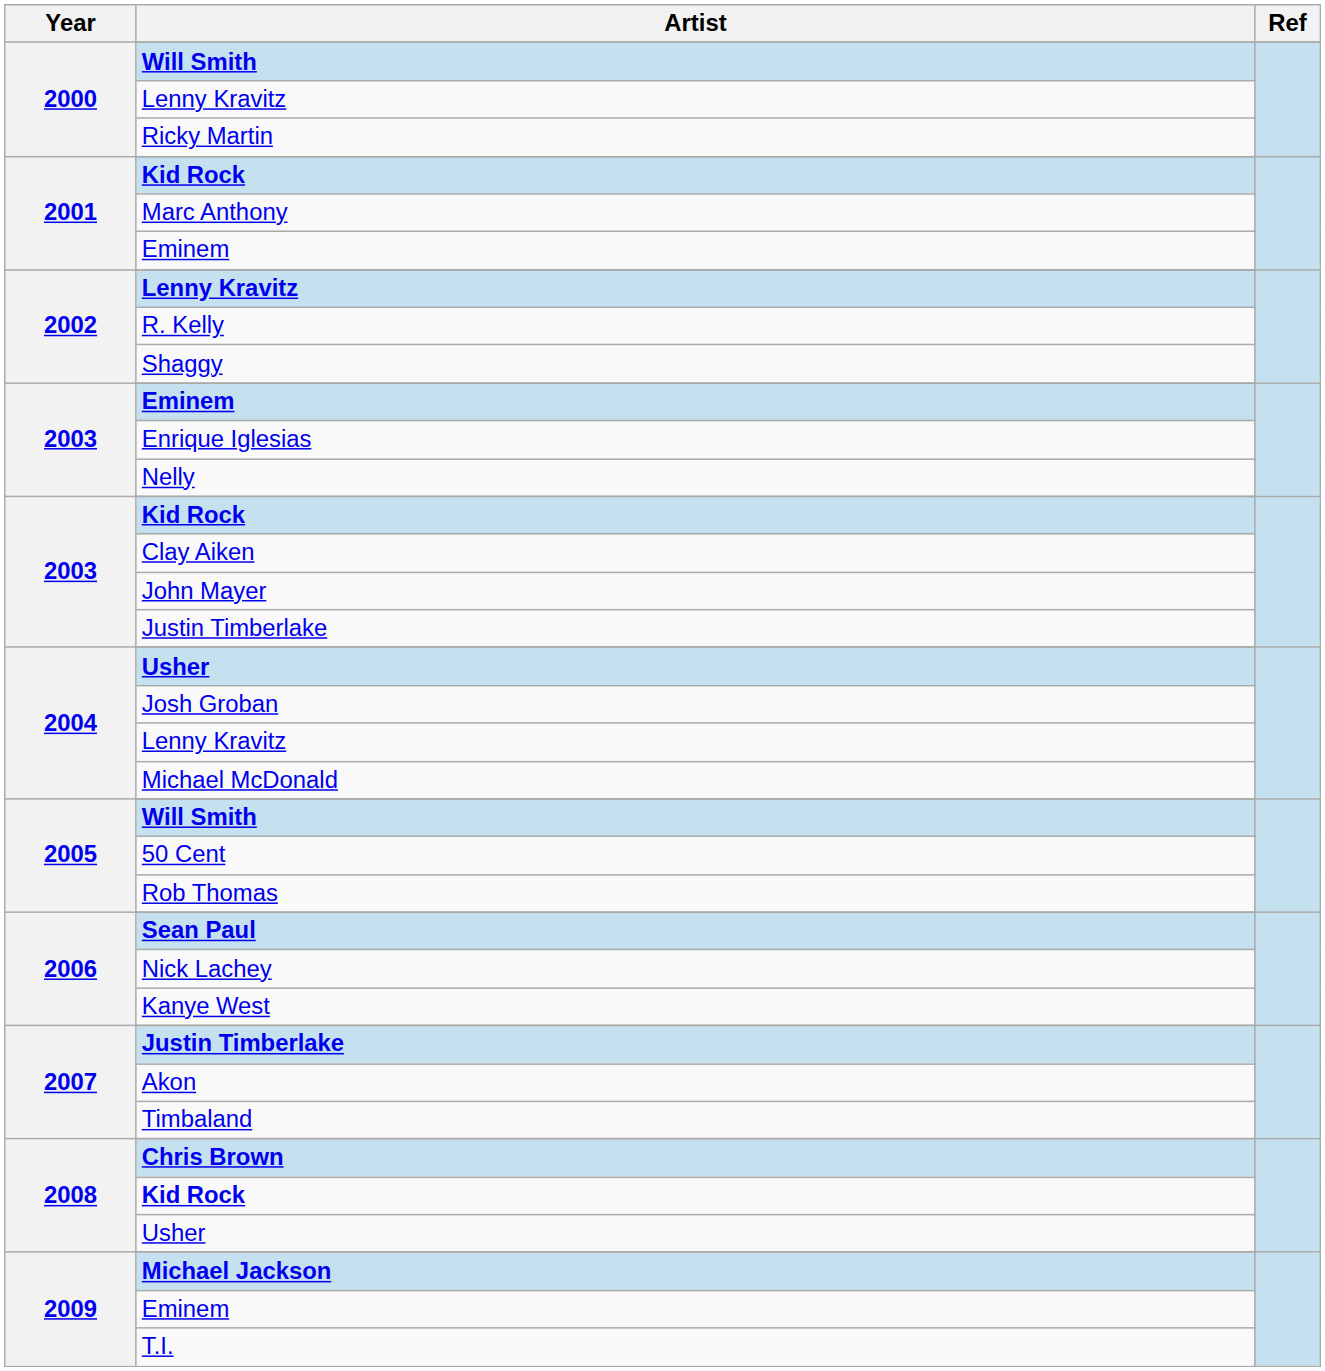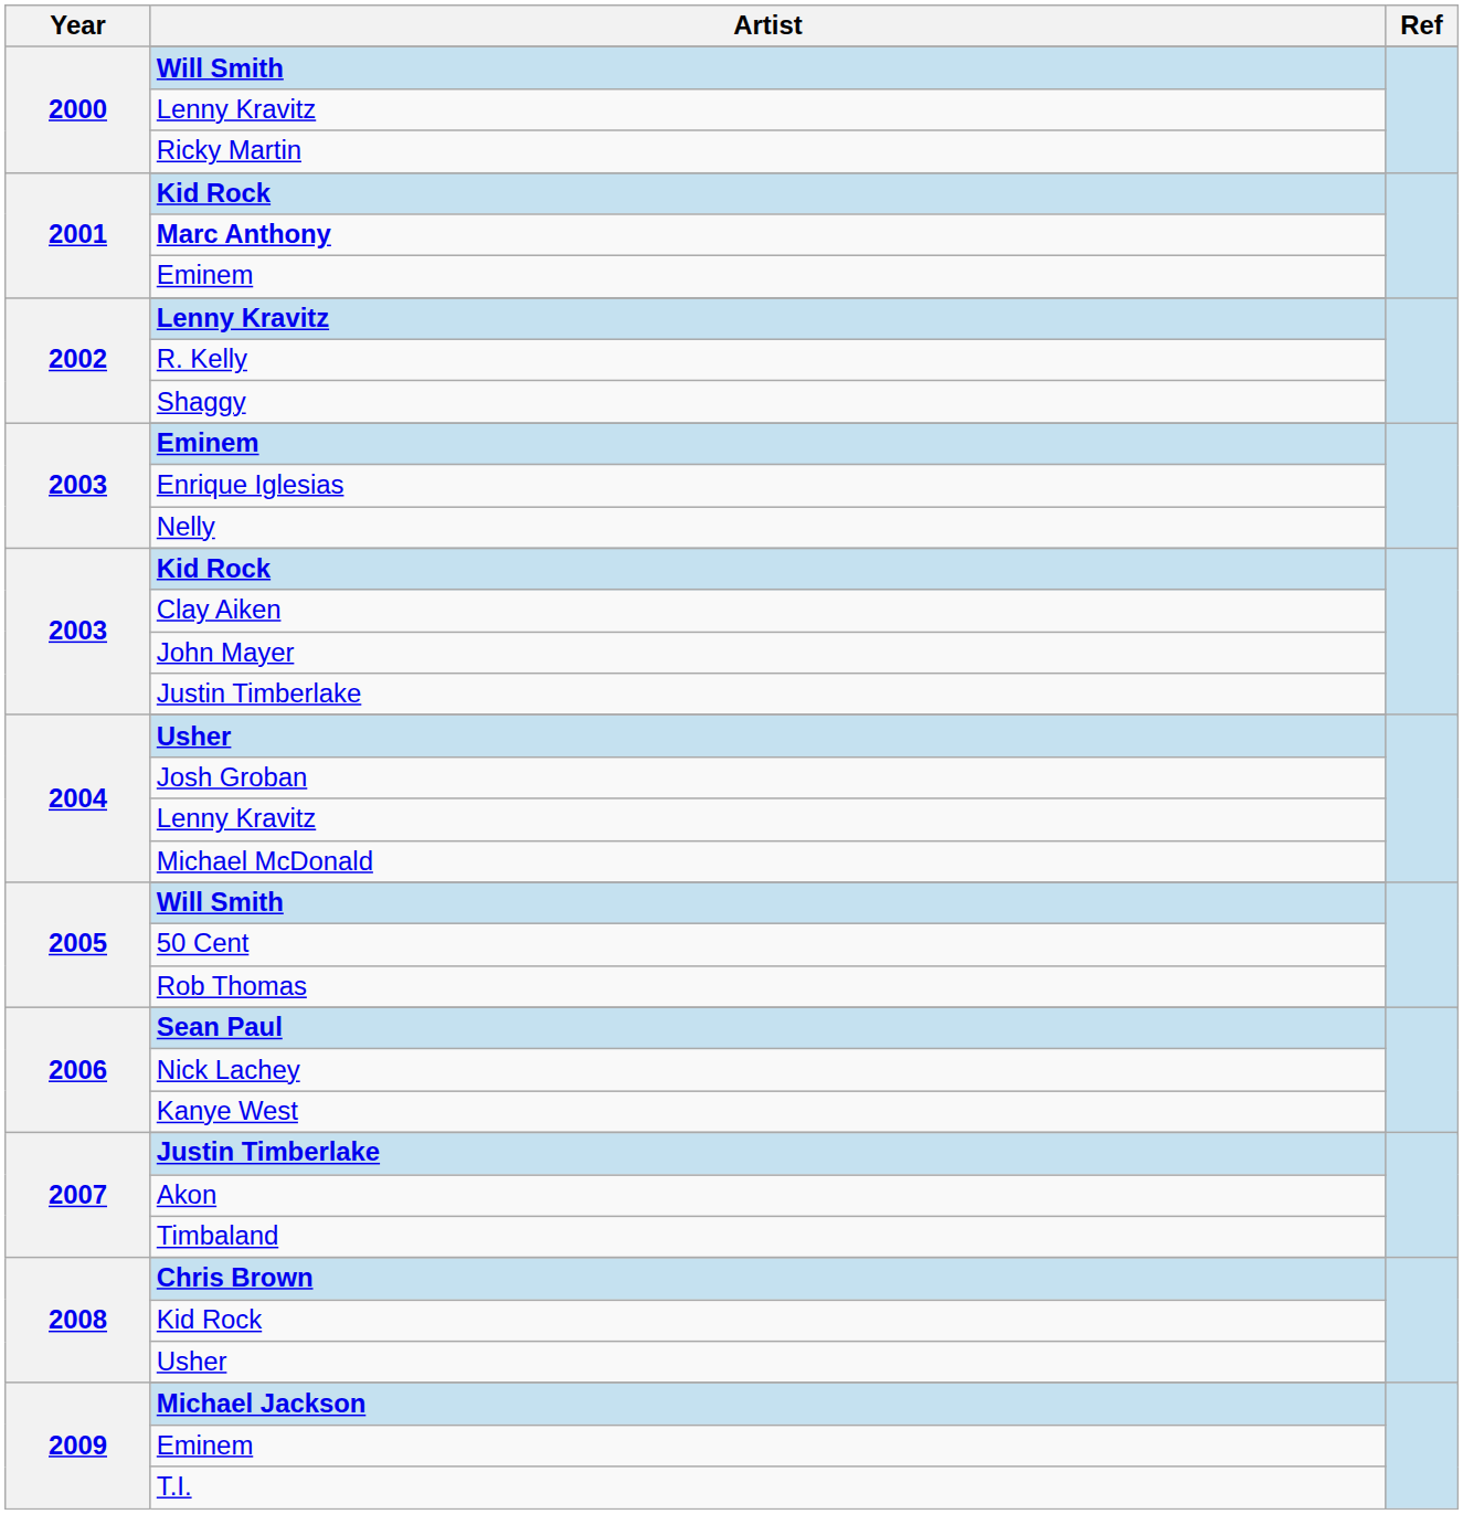 <table class="wikitable" width="100%">
 <tr>
 <th width="10%">Year</th>
 <th width="85%">Artist</th>
 <th width="5%">Ref</th>
 </tr>
 <tr>
 <th rowspan="4" align="center"><a href='#'>2000<br></a></th>
 </tr>
 <tr style="background:#c5e1f0">
 <td><strong><a href='#'>Will Smith</a></strong></td>
 <td rowspan="4" align="center"></td>
 </tr>
 <tr>
 <td><a href='#'>Lenny Kravitz</a></td>
 </tr>
 <tr>
 <td><a href='#'>Ricky Martin</a></td>
 </tr>
 <tr>
 <th rowspan="4" align="center"><a href='#'>2001<br></a></th>
 </tr>
 <tr style="background:#c5e1f0">
 <td><strong><a href='#'>Kid Rock</a></strong></td>
 <td rowspan="4" align="center"></td>
 </tr>
 <tr>
-<td><a href='#'>Marc Anthony</a></td>
+<td><strong><a href='#'>Marc Anthony</a></strong></td>
 </tr>
 <tr>
 <td><a href='#'>Eminem</a></td>
 </tr>
 <tr>
 <th rowspan="4" align="center"><a href='#'>2002<br></a></th>
 </tr>
 <tr style="background:#c5e1f0">
 <td><strong><a href='#'>Lenny Kravitz</a></strong></td>
 <td rowspan="4" align="center"></td>
 </tr>
 <tr>
 <td><a href='#'>R. Kelly</a></td>
 </tr>
 <tr>
 <td><a href='#'>Shaggy</a></td>
 </tr>
 <tr>
 <th rowspan="4" align="center"><a href='#'>2003<br></a></th>
 </tr>
 <tr style="background:#c5e1f0">
 <td><strong><a href='#'>Eminem</a></strong></td>
 <td rowspan="4" align="center"></td>
 </tr>
 <tr>
 <td><a href='#'>Enrique Iglesias</a></td>
 </tr>
 <tr>
 <td><a href='#'>Nelly</a></td>
 </tr>
 <tr>
 <th rowspan="5" align="center"><a href='#'>2003<br></a></th>
 </tr>
 <tr style="background:#c5e1f0">
 <td><strong><a href='#'>Kid Rock</a></strong></td>
 <td rowspan="5" align="center"></td>
 </tr>
 <tr>
 <td><a href='#'>Clay Aiken</a></td>
 </tr>
 <tr>
 <td><a href='#'>John Mayer</a></td>
 </tr>
 <tr>
 <td><a href='#'>Justin Timberlake</a></td>
 </tr>
 <tr>
 <th rowspan="5" align="center"><a href='#'>2004<br></a></th>
 </tr>
 <tr style="background:#c5e1f0">
 <td><strong><a href='#'>Usher</a></strong></td>
 <td rowspan="5" align="center"></td>
 </tr>
 <tr>
 <td><a href='#'>Josh Groban</a></td>
 </tr>
 <tr>
 <td><a href='#'>Lenny Kravitz</a></td>
 </tr>
 <tr>
 <td><a href='#'>Michael McDonald</a></td>
 </tr>
 <tr>
 <th rowspan="4" align="center"><a href='#'>2005<br></a></th>
 </tr>
 <tr style="background:#c5e1f0">
 <td><strong><a href='#'>Will Smith</a></strong></td>
 <td rowspan="4" align="center"></td>
 </tr>
 <tr>
 <td><a href='#'>50 Cent</a></td>
 </tr>
 <tr>
 <td><a href='#'>Rob Thomas</a></td>
 </tr>
 <tr>
 <th rowspan="4" align="center"><a href='#'>2006<br></a></th>
 </tr>
 <tr style="background:#c5e1f0">
 <td><strong><a href='#'>Sean Paul</a></strong></td>
 <td rowspan="4" align="center"></td>
 </tr>
 <tr>
 <td><a href='#'>Nick Lachey</a></td>
 </tr>
 <tr>
 <td><a href='#'>Kanye West</a></td>
 </tr>
 <tr>
 <th rowspan="4" align="center"><a href='#'>2007<br></a></th>
 </tr>
 <tr style="background:#c5e1f0">
 <td><strong><a href='#'>Justin Timberlake</a></strong></td>
 <td rowspan="4" align="center"></td>
 </tr>
 <tr>
 <td><a href='#'>Akon</a></td>
 </tr>
 <tr>
 <td><a href='#'>Timbaland</a></td>
 </tr>
 <tr>
 <th rowspan="4" align="center"><a href='#'>2008<br></a></th>
 </tr>
 <tr style="background:#c5e1f0">
 <td><strong><a href='#'>Chris Brown</a></strong></td>
 <td rowspan="4" align="center"></td>
 </tr>
 <tr>
-<td><strong><a href='#'>Kid Rock</a></strong></td>
+<td><a href='#'>Kid Rock</a></td>
 </tr>
 <tr>
 <td><a href='#'>Usher</a></td>
 </tr>
 <tr>
 <th rowspan="4" align="center"><a href='#'>2009<br></a></th>
 </tr>
 <tr style="background:#c5e1f0">
 <td><strong><a href='#'>Michael Jackson</a></strong></td>
 <td rowspan="4" align="center"></td>
 </tr>
 <tr>
 <td><a href='#'>Eminem</a></td>
 </tr>
 <tr>
 <td><a href='#'>T.I.</a></td>
 </tr>
 </table>
